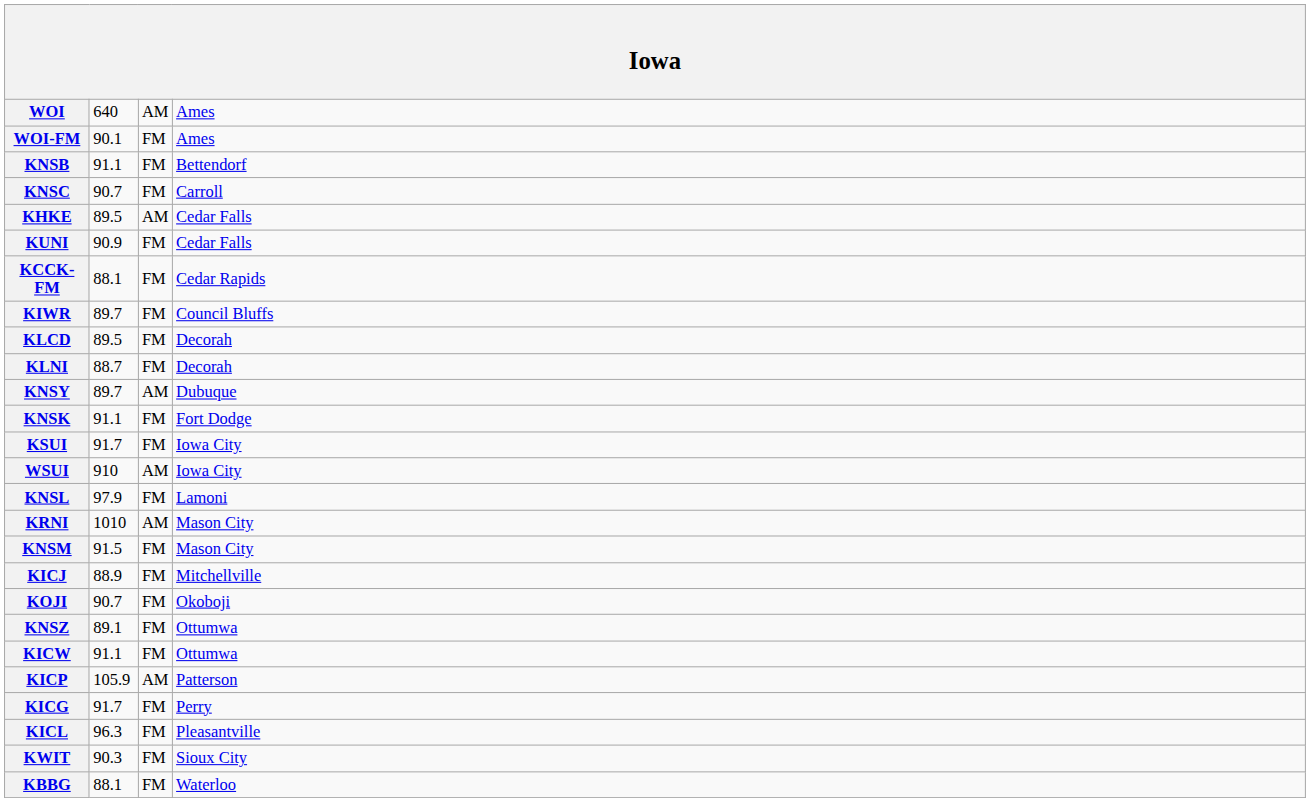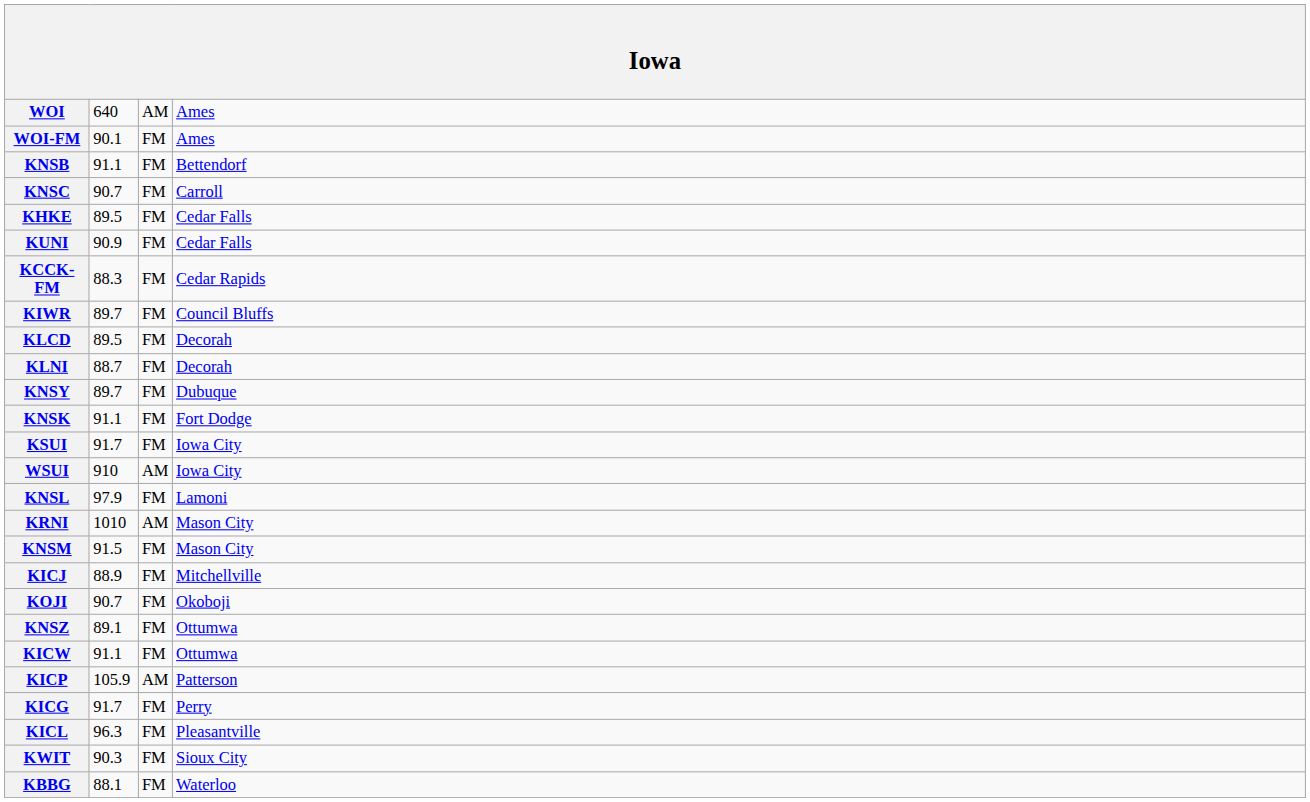 <table class="wikitable mw-collapsible" style="width:100%">
 <tr>
 <th scope="col" colspan="4"><br><h2>Iowa</h2></th>
 </tr>
 <tr>
 <th scope="row" style="width: 75px;"><a href='#'>WOI</a></th>
 <td style="width: 40px;">640</td>
 <td style="width: 21px;">AM</td>
 <td><a href='#'>Ames</a></td>
 </tr>
 <tr>
 <th scope="row"><a href='#'>WOI-FM</a></th>
 <td>90.1</td>
 <td>FM</td>
 <td><a href='#'>Ames</a></td>
 </tr>
 <tr>
 <th scope="row"><a href='#'>KNSB</a></th>
 <td>91.1</td>
 <td>FM</td>
 <td><a href='#'>Bettendorf</a></td>
 </tr>
 <tr>
 <th scope="row"><a href='#'>KNSC</a></th>
 <td>90.7</td>
 <td>FM</td>
 <td><a href='#'>Carroll</a></td>
 </tr>
 <tr>
 <th scope="row"><a href='#'>KHKE</a></th>
 <td>89.5</td>
-<td style="width: 21px;">AM</td>
+<td>FM</td>
 <td><a href='#'>Cedar Falls</a></td>
 </tr>
 <tr>
 <th scope="row"><a href='#'>KUNI</a></th>
 <td>90.9</td>
 <td>FM</td>
 <td><a href='#'>Cedar Falls</a></td>
 </tr>
 <tr>
 <th scope="row"><a href='#'>KCCK-FM</a></th>
-<td>88.1</td>
+<td>88.3</td>
 <td>FM</td>
 <td><a href='#'>Cedar Rapids</a></td>
 </tr>
 <tr>
 <th scope="row"><a href='#'>KIWR</a></th>
 <td>89.7</td>
 <td>FM</td>
 <td><a href='#'>Council Bluffs</a></td>
 </tr>
 <tr>
 <th scope="row"><a href='#'>KLCD</a></th>
 <td>89.5</td>
 <td>FM</td>
 <td><a href='#'>Decorah</a></td>
 </tr>
 <tr>
 <th scope="row"><a href='#'>KLNI</a></th>
 <td>88.7</td>
 <td>FM</td>
 <td><a href='#'>Decorah</a></td>
 </tr>
 <tr>
 <th scope="row"><a href='#'>KNSY</a></th>
 <td>89.7</td>
-<td>AM</td>
+<td>FM</td>
 <td><a href='#'>Dubuque</a></td>
 </tr>
 <tr>
 <th scope="row"><a href='#'>KNSK</a></th>
 <td>91.1</td>
 <td>FM</td>
 <td><a href='#'>Fort Dodge</a></td>
 </tr>
 <tr>
 <th scope="row"><a href='#'>KSUI</a></th>
 <td>91.7</td>
 <td>FM</td>
 <td><a href='#'>Iowa City</a></td>
 </tr>
 <tr>
 <th scope="row"><a href='#'>WSUI</a></th>
 <td>910</td>
 <td>AM</td>
 <td><a href='#'>Iowa City</a></td>
 </tr>
 <tr>
 <th scope="row"><a href='#'>KNSL</a></th>
 <td>97.9</td>
 <td>FM</td>
 <td><a href='#'>Lamoni</a></td>
 </tr>
 <tr>
 <th scope="row"><a href='#'>KRNI</a></th>
 <td>1010</td>
 <td>AM</td>
 <td><a href='#'>Mason City</a></td>
 </tr>
 <tr>
 <th scope="row"><a href='#'>KNSM</a></th>
 <td>91.5</td>
 <td>FM</td>
 <td><a href='#'>Mason City</a></td>
 </tr>
 <tr>
 <th scope="row"><a href='#'>KICJ</a></th>
 <td>88.9</td>
 <td>FM</td>
 <td><a href='#'>Mitchellville</a></td>
 </tr>
 <tr>
 <th scope="row"><a href='#'>KOJI</a></th>
 <td>90.7</td>
 <td>FM</td>
 <td><a href='#'>Okoboji</a></td>
 </tr>
 <tr>
 <th scope="row"><a href='#'>KNSZ</a></th>
 <td>89.1</td>
 <td>FM</td>
 <td><a href='#'>Ottumwa</a></td>
 </tr>
 <tr>
 <th scope="row"><a href='#'>KICW</a></th>
 <td>91.1</td>
 <td>FM</td>
 <td><a href='#'>Ottumwa</a></td>
 </tr>
 <tr>
 <th scope="row"><a href='#'>KICP</a></th>
 <td>105.9</td>
 <td>AM</td>
 <td><a href='#'>Patterson</a></td>
 </tr>
 <tr>
 <th scope="row"><a href='#'>KICG</a></th>
 <td>91.7</td>
 <td>FM</td>
 <td><a href='#'>Perry</a></td>
 </tr>
 <tr>
 <th scope="row"><a href='#'>KICL</a></th>
 <td>96.3</td>
 <td>FM</td>
 <td><a href='#'>Pleasantville</a></td>
 </tr>
 <tr>
 <th scope="row"><a href='#'>KWIT</a></th>
 <td>90.3</td>
 <td>FM</td>
 <td><a href='#'>Sioux City</a></td>
 </tr>
 <tr>
 <th scope="row"><a href='#'>KBBG</a></th>
 <td>88.1</td>
 <td>FM</td>
 <td><a href='#'>Waterloo</a></td>
 </tr>
 </table>
